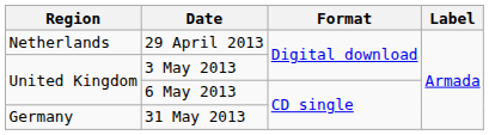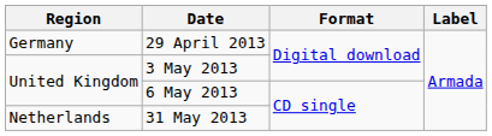 <table class=wikitable>
 <tr>
 <th>Region</th>
 <th>Date</th>
 <th>Format</th>
 <th>Label</th>
 </tr>
 <tr>
-<td>Netherlands</td>
+<td>Germany</td>
 <td>29 April 2013</td>
 <td rowspan="2"><a href='#'>Digital download</a></td>
 <td rowspan="4"><a href='#'>Armada</a></td>
 </tr>
 <tr>
 <td rowspan="2">United Kingdom</td>
 <td>3 May 2013</td>
 </tr>
 <tr>
 <td>6 May 2013</td>
 <td rowspan="2"><a href='#'>CD single</a></td>
 </tr>
 <tr>
-<td>Germany</td>
+<td>Netherlands</td>
 <td>31 May 2013</td>
 </tr>
 </table>
